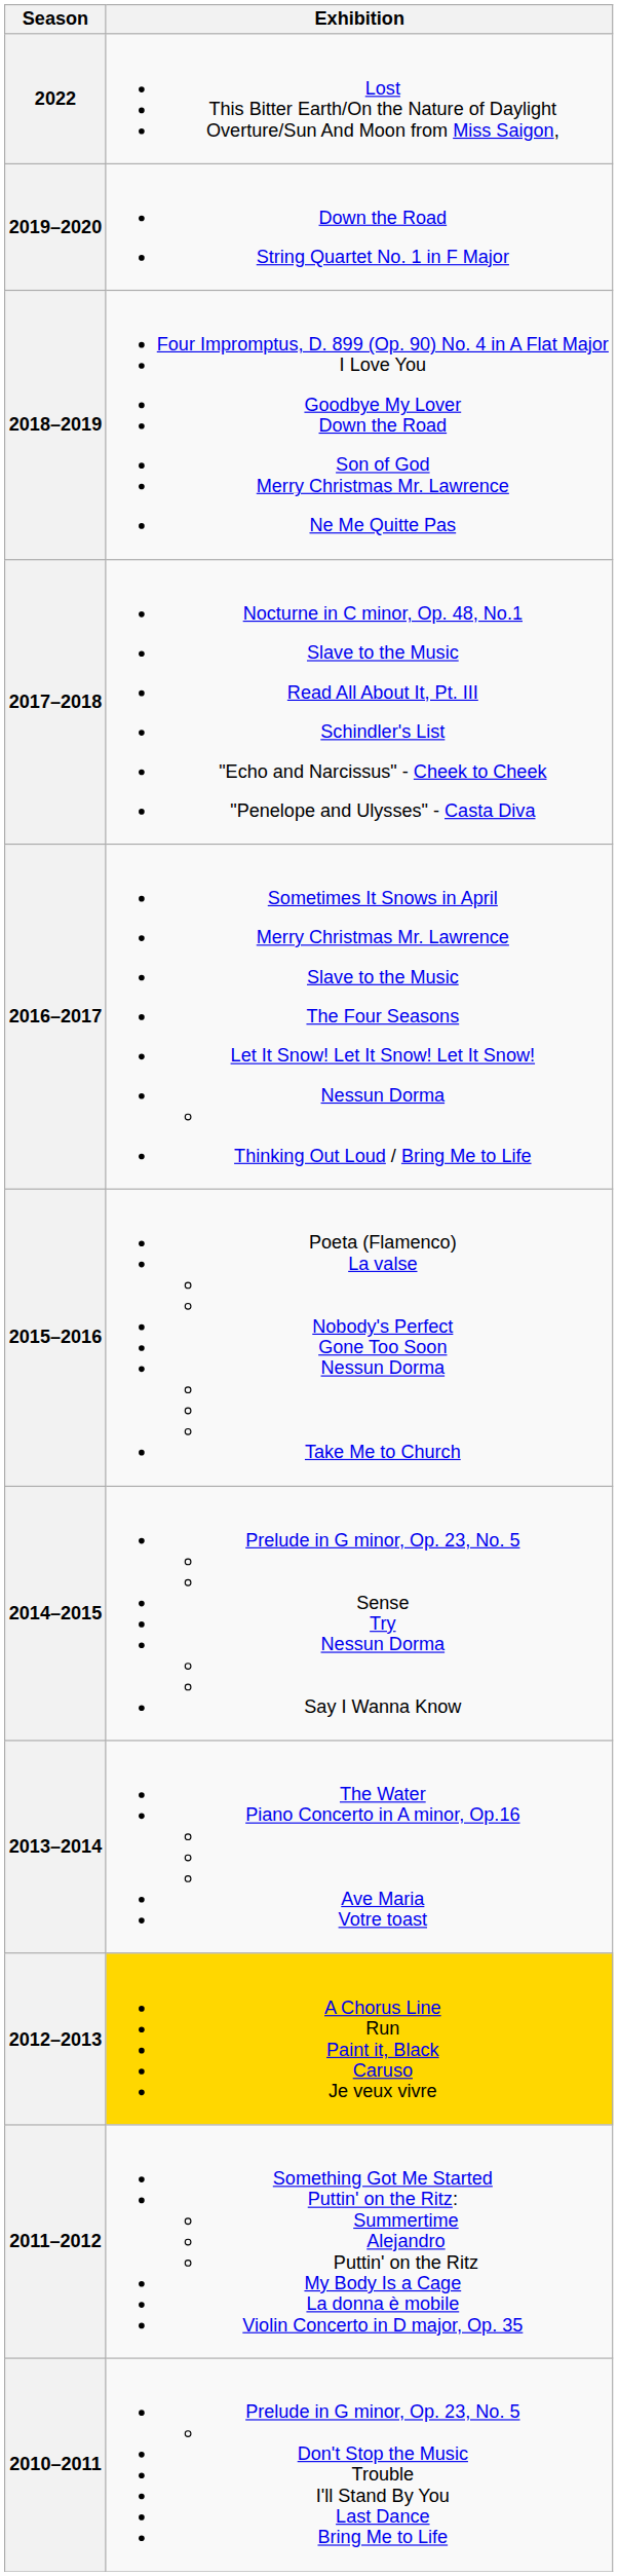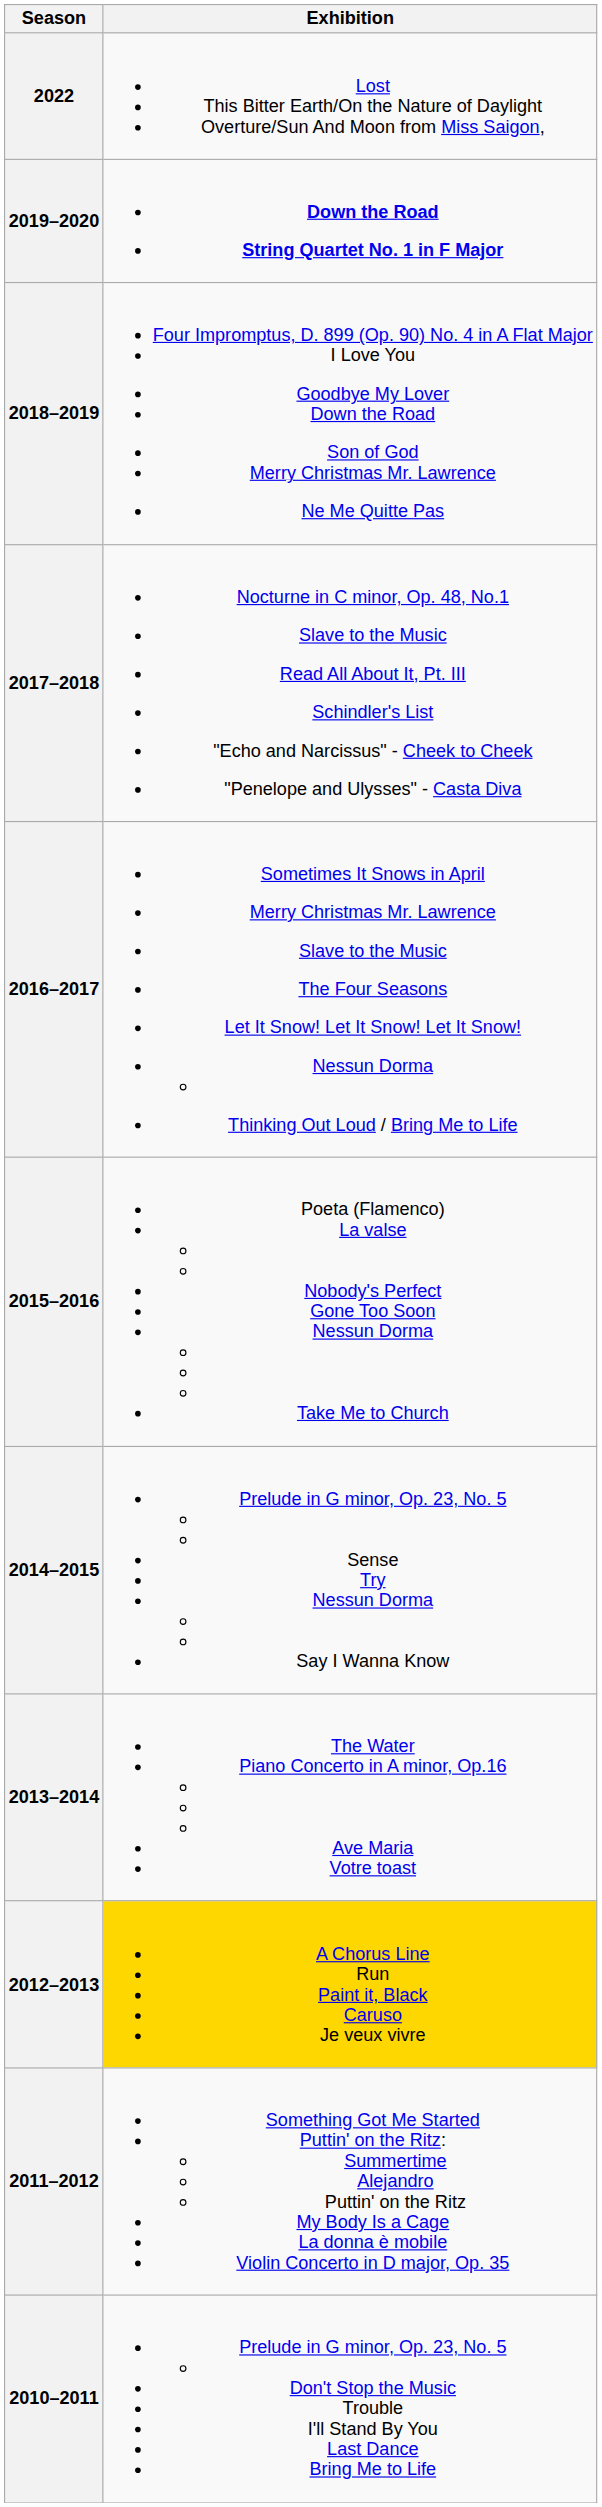 <table class="wikitable" style="text-align:center">
 <tr>
 <th>Season</th>
 <th>Exhibition</th>
 </tr>
 <tr>
 <th>2022</th>
 <td><br><ul><li><a href='#'>Lost</a> </li><li>This Bitter Earth/On the Nature of Daylight </li><li>Overture/Sun And Moon from <a href='#'>Miss Saigon</a>, </li></ul></td>
 </tr>
 <tr>
 <th>2019–2020 <br></th>
-<td><br><ul><li><a href='#'>Down the Road</a> </li></ul><ul><li><a href='#'>String Quartet No. 1 in F Major</a> </li></ul></td>
+<td><strong><br><ul><li><a href='#'>Down the Road</a> </li></ul><ul><li><a href='#'>String Quartet No. 1 in F Major</a> </li></ul></strong></td>
 </tr>
 <tr>
 <th>2018–2019 <br></th>
 <td><br><ul><li><a href='#'>Four Impromptus, D. 899 (Op. 90) No. 4 in A Flat Major</a> </li><li>I Love You </li></ul><ul><li><a href='#'>Goodbye My Lover</a> </li><li><a href='#'>Down the Road</a> </li></ul><ul><li><a href='#'>Son of God</a> </li><li><a href='#'>Merry Christmas Mr. Lawrence</a> </li></ul><ul><li><a href='#'>Ne Me Quitte Pas</a> </li></ul></td>
 </tr>
 <tr>
 <th>2017–2018 <br></th>
 <td><br><ul><li><a href='#'>Nocturne in C minor, Op. 48, No.1</a> </li></ul><ul><li><a href='#'>Slave to the Music</a> </li></ul><ul><li><a href='#'>Read All About It, Pt. III</a> </li></ul><ul><li><a href='#'>Schindler's List</a> </li></ul><ul><li>"Echo and Narcissus" - <a href='#'>Cheek to Cheek</a> </li></ul><ul><li>"Penelope and Ulysses" - <a href='#'>Casta Diva</a> </li></ul></td>
 </tr>
 <tr>
 <th>2016–2017 <br></th>
 <td><br><ul><li><a href='#'>Sometimes It Snows in April</a> </li></ul><ul><li><a href='#'>Merry Christmas Mr. Lawrence</a> </li></ul><ul><li><a href='#'>Slave to the Music</a> </li></ul><ul><li><a href='#'>The Four Seasons</a> </li></ul><ul><li><a href='#'>Let It Snow! Let It Snow! Let It Snow!</a> </li></ul><ul><li><a href='#'>Nessun Dorma</a> <ul><li></li></ul></li></ul><ul><li><a href='#'>Thinking Out Loud</a>  / <a href='#'>Bring Me to Life</a> </li></ul></td>
 </tr>
 <tr>
 <th>2015–2016 <br></th>
 <td><br><ul><li>Poeta (Flamenco) </li><li><a href='#'>La valse</a> <ul><li></li><li></li></ul></li><li><a href='#'>Nobody's Perfect</a> </li><li><a href='#'>Gone Too Soon</a> </li><li><a href='#'>Nessun Dorma</a> <ul><li></li><li></li><li></li></ul></li><li><a href='#'>Take Me to Church</a> </li></ul></td>
 </tr>
 <tr>
 <th>2014–2015 <br></th>
 <td><br><ul><li><a href='#'>Prelude in G minor, Op. 23, No. 5</a> <ul><li></li><li></li></ul></li><li>Sense </li><li><a href='#'>Try</a> </li><li><a href='#'>Nessun Dorma</a> <ul><li></li><li></li></ul></li><li>Say I Wanna Know </li></ul></td>
 </tr>
 <tr>
 <th>2013–2014 <br></th>
 <td><br><ul><li><a href='#'>The Water</a> </li><li><a href='#'>Piano Concerto in A minor, Op.16</a> <ul><li></li><li></li><li></li></ul></li><li><a href='#'>Ave Maria</a> </li><li><a href='#'>Votre toast</a> </li></ul></td>
 </tr>
 <tr>
 <th>2012–2013 <br></th>
 <td style="background: gold;"><br><ul><li><a href='#'>A Chorus Line</a> </li><li>Run </li><li><a href='#'>Paint it, Black</a> </li><li><a href='#'>Caruso</a> </li><li>Je veux vivre </li></ul></td>
 </tr>
 <tr>
 <th>2011–2012 <br></th>
 <td><br><ul><li><a href='#'>Something Got Me Started</a> </li><li><a href='#'>Puttin' on the Ritz</a>:<ul><li><a href='#'>Summertime</a> </li><li><a href='#'>Alejandro</a> </li><li>Puttin' on the Ritz </li></ul></li><li><a href='#'>My Body Is a Cage</a> </li><li><a href='#'>La donna è mobile</a> </li><li><a href='#'>Violin Concerto in D major, Op. 35</a> </li></ul></td>
 </tr>
 <tr>
 <th>2010–2011 <br></th>
 <td><br><ul><li><a href='#'>Prelude in G minor, Op. 23, No. 5</a> <ul><li></li></ul></li><li><a href='#'>Don't Stop the Music</a> </li><li>Trouble </li><li>I'll Stand By You </li><li><a href='#'>Last Dance</a> </li><li><a href='#'>Bring Me to Life</a> </li></ul></td>
 </tr>
 </table>
